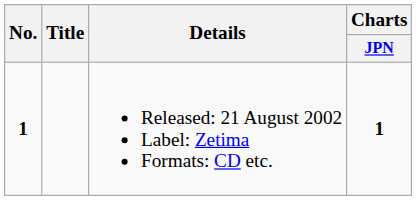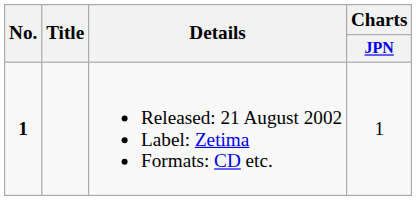 <table class="wikitable" style="text-align:center;">
 <tr>
 <th rowspan="2">No.</th>
 <th rowspan="2">Title</th>
 <th rowspan="2">Details</th>
 <th>Charts</th>
 </tr>
 <tr style="font-size:smaller;">
 <th style="width:45px;"><a href='#'>JPN</a></th>
 </tr>
 <tr>
 <td><strong>1</strong></td>
 <td align="left"></td>
 <td align="left"><br><ul><li>Released: 21 August 2002</li><li>Label: <a href='#'>Zetima</a></li><li>Formats: <a href='#'>CD</a> etc.</li></ul></td>
-<td><strong>1</strong></td>
+<td>1</td>
 </tr>
 </table>
